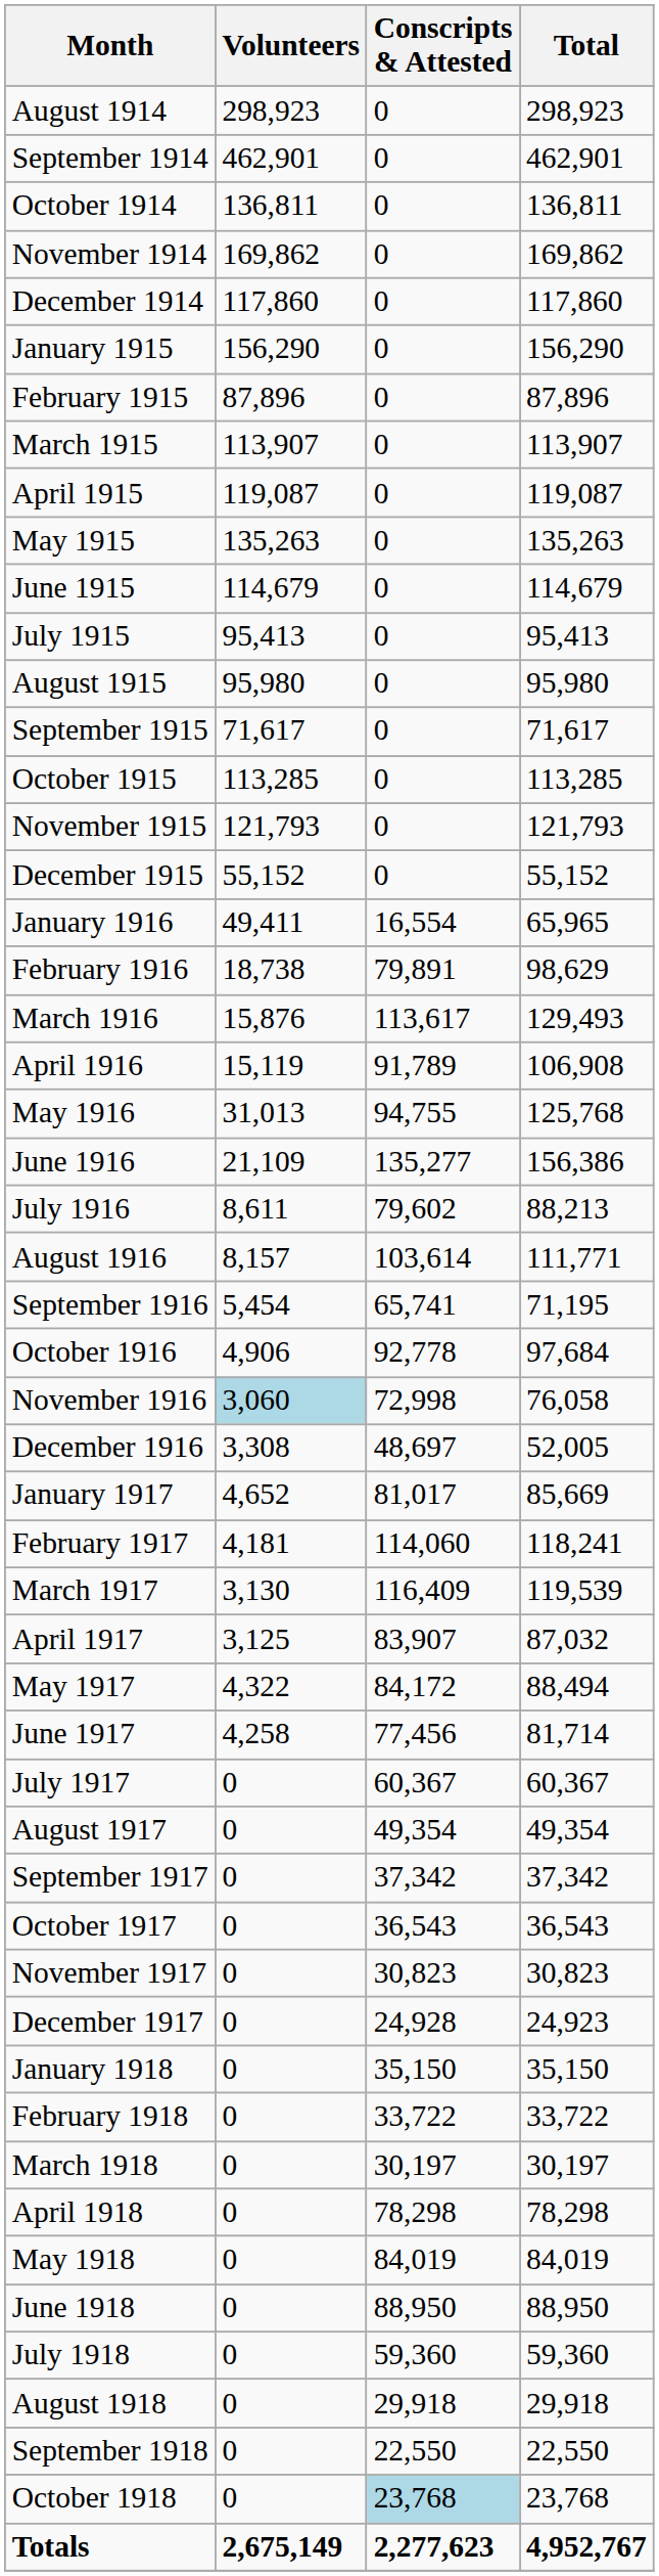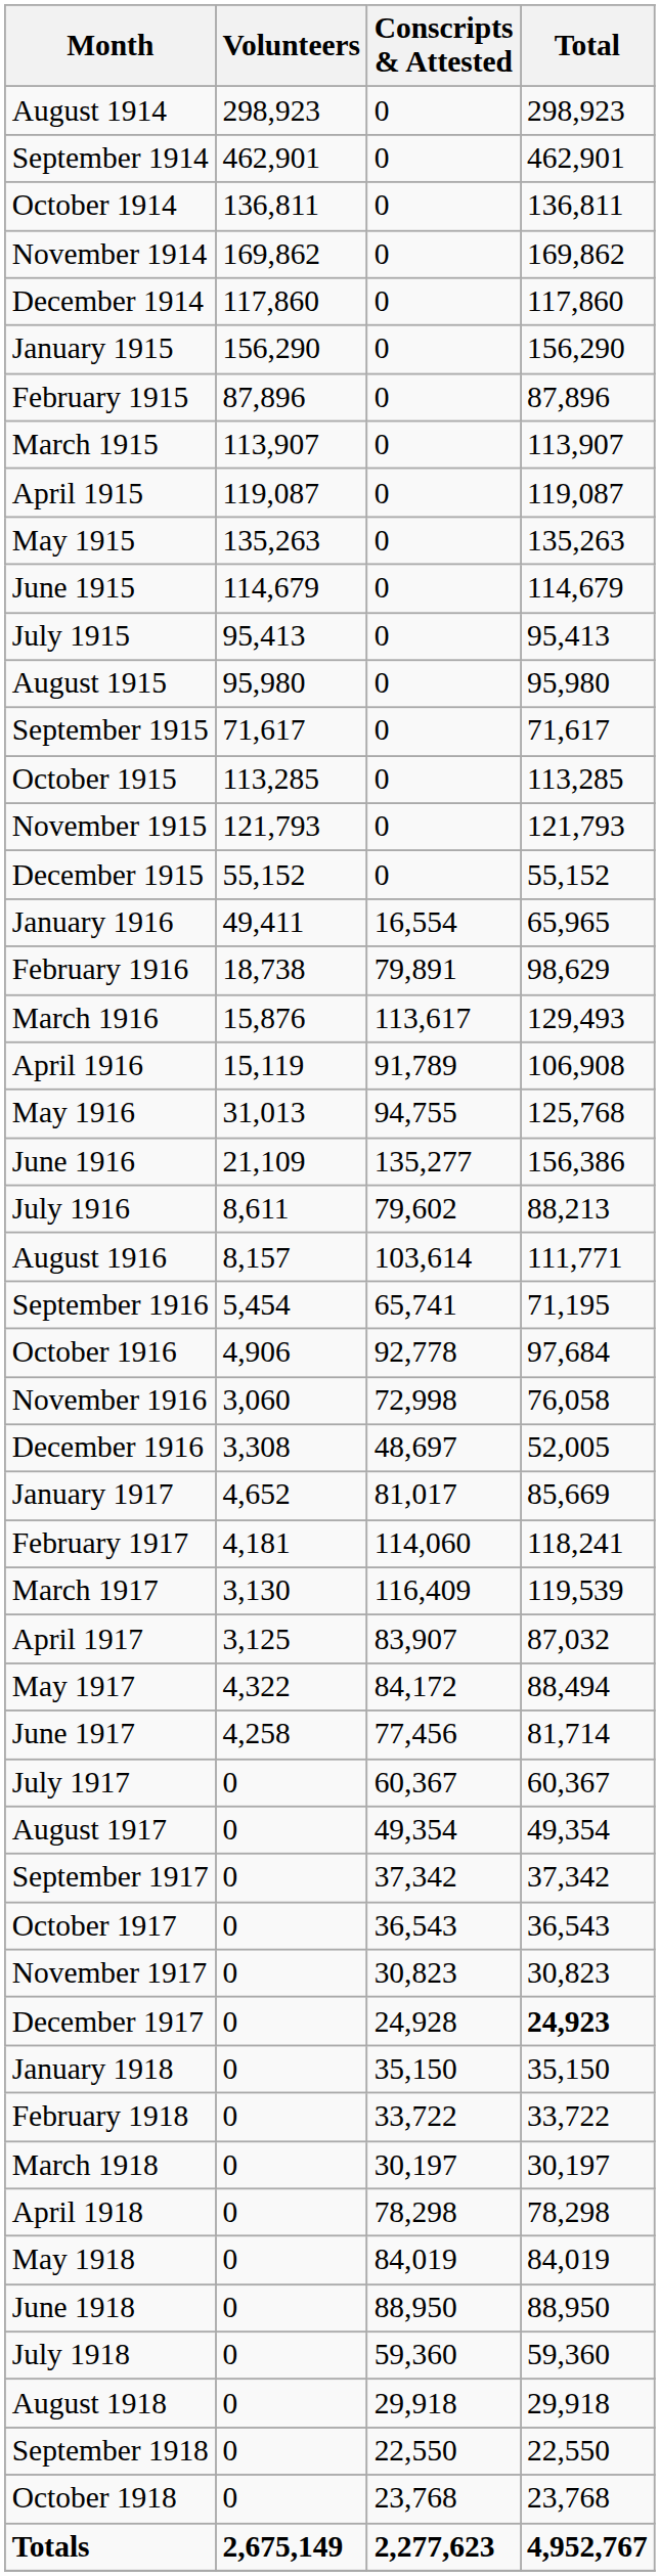 <table class="wikitable">
 <tr>
 <th>Month</th>
 <th>Volunteers</th>
 <th>Conscripts <br>& Attested</th>
 <th>Total</th>
 </tr>
 <tr>
 <td>August 1914</td>
 <td>298,923</td>
 <td>0</td>
 <td>298,923</td>
 </tr>
 <tr>
 <td>September 1914</td>
 <td>462,901</td>
 <td>0</td>
 <td>462,901</td>
 </tr>
 <tr>
 <td>October 1914</td>
 <td>136,811</td>
 <td>0</td>
 <td>136,811</td>
 </tr>
 <tr>
 <td>November 1914</td>
 <td>169,862</td>
 <td>0</td>
 <td>169,862</td>
 </tr>
 <tr>
 <td>December 1914</td>
 <td>117,860</td>
 <td>0</td>
 <td>117,860</td>
 </tr>
 <tr>
 <td>January 1915</td>
 <td>156,290</td>
 <td>0</td>
 <td>156,290</td>
 </tr>
 <tr>
 <td>February 1915</td>
 <td>87,896</td>
 <td>0</td>
 <td>87,896</td>
 </tr>
 <tr>
 <td>March 1915</td>
 <td>113,907</td>
 <td>0</td>
 <td>113,907</td>
 </tr>
 <tr>
 <td>April 1915</td>
 <td>119,087</td>
 <td>0</td>
 <td>119,087</td>
 </tr>
 <tr>
 <td>May 1915</td>
 <td>135,263</td>
 <td>0</td>
 <td>135,263</td>
 </tr>
 <tr>
 <td>June 1915</td>
 <td>114,679</td>
 <td>0</td>
 <td>114,679</td>
 </tr>
 <tr>
 <td>July 1915</td>
 <td>95,413</td>
 <td>0</td>
 <td>95,413</td>
 </tr>
 <tr>
 <td>August 1915</td>
 <td>95,980</td>
 <td>0</td>
 <td>95,980</td>
 </tr>
 <tr>
 <td>September 1915</td>
 <td>71,617</td>
 <td>0</td>
 <td>71,617</td>
 </tr>
 <tr>
 <td>October 1915</td>
 <td>113,285</td>
 <td>0</td>
 <td>113,285</td>
 </tr>
 <tr>
 <td>November 1915</td>
 <td>121,793</td>
 <td>0</td>
 <td>121,793</td>
 </tr>
 <tr>
 <td>December 1915</td>
 <td>55,152</td>
 <td>0</td>
 <td>55,152</td>
 </tr>
 <tr>
 <td>January 1916</td>
 <td>49,411</td>
 <td>16,554</td>
 <td>65,965</td>
 </tr>
 <tr>
 <td>February 1916</td>
 <td>18,738</td>
 <td>79,891</td>
 <td>98,629</td>
 </tr>
 <tr>
 <td>March 1916</td>
 <td>15,876</td>
 <td>113,617</td>
 <td>129,493</td>
 </tr>
 <tr>
 <td>April 1916</td>
 <td>15,119</td>
 <td>91,789</td>
 <td>106,908</td>
 </tr>
 <tr>
 <td>May 1916</td>
 <td>31,013</td>
 <td>94,755</td>
 <td>125,768</td>
 </tr>
 <tr>
 <td>June 1916</td>
 <td>21,109</td>
 <td>135,277</td>
 <td>156,386</td>
 </tr>
 <tr>
 <td>July 1916</td>
 <td>8,611</td>
 <td>79,602</td>
 <td>88,213</td>
 </tr>
 <tr>
 <td>August 1916</td>
 <td>8,157</td>
 <td>103,614</td>
 <td>111,771</td>
 </tr>
 <tr>
 <td>September 1916</td>
 <td>5,454</td>
 <td>65,741</td>
 <td>71,195</td>
 </tr>
 <tr>
 <td>October 1916</td>
 <td>4,906</td>
 <td>92,778</td>
 <td>97,684</td>
 </tr>
 <tr>
 <td>November 1916</td>
-<td style="background: lightblue;">3,060</td>
+<td>3,060</td>
 <td>72,998</td>
 <td>76,058</td>
 </tr>
 <tr>
 <td>December 1916</td>
 <td>3,308</td>
 <td>48,697</td>
 <td>52,005</td>
 </tr>
 <tr>
 <td>January 1917</td>
 <td>4,652</td>
 <td>81,017</td>
 <td>85,669</td>
 </tr>
 <tr>
 <td>February 1917</td>
 <td>4,181</td>
 <td>114,060</td>
 <td>118,241</td>
 </tr>
 <tr>
 <td>March 1917</td>
 <td>3,130</td>
 <td>116,409</td>
 <td>119,539</td>
 </tr>
 <tr>
 <td>April 1917</td>
 <td>3,125</td>
 <td>83,907</td>
 <td>87,032</td>
 </tr>
 <tr>
 <td>May 1917</td>
 <td>4,322</td>
 <td>84,172</td>
 <td>88,494</td>
 </tr>
 <tr>
 <td>June 1917</td>
 <td>4,258</td>
 <td>77,456</td>
 <td>81,714</td>
 </tr>
 <tr>
 <td>July 1917</td>
 <td>0</td>
 <td>60,367</td>
 <td>60,367</td>
 </tr>
 <tr>
 <td>August 1917</td>
 <td>0</td>
 <td>49,354</td>
 <td>49,354</td>
 </tr>
 <tr>
 <td>September 1917</td>
 <td>0</td>
 <td>37,342</td>
 <td>37,342</td>
 </tr>
 <tr>
 <td>October 1917</td>
 <td>0</td>
 <td>36,543</td>
 <td>36,543</td>
 </tr>
 <tr>
 <td>November 1917</td>
 <td>0</td>
 <td>30,823</td>
 <td>30,823</td>
 </tr>
 <tr>
 <td>December 1917</td>
 <td>0</td>
 <td>24,928</td>
-<td>24,923</td>
+<td><strong>24,923</strong></td>
 </tr>
 <tr>
 <td>January 1918</td>
 <td>0</td>
 <td>35,150</td>
 <td>35,150</td>
 </tr>
 <tr>
 <td>February 1918</td>
 <td>0</td>
 <td>33,722</td>
 <td>33,722</td>
 </tr>
 <tr>
 <td>March 1918</td>
 <td>0</td>
 <td>30,197</td>
 <td>30,197</td>
 </tr>
 <tr>
 <td>April 1918</td>
 <td>0</td>
 <td>78,298</td>
 <td>78,298</td>
 </tr>
 <tr>
 <td>May 1918</td>
 <td>0</td>
 <td>84,019</td>
 <td>84,019</td>
 </tr>
 <tr>
 <td>June 1918</td>
 <td>0</td>
 <td>88,950</td>
 <td>88,950</td>
 </tr>
 <tr>
 <td>July 1918</td>
 <td>0</td>
 <td>59,360</td>
 <td>59,360</td>
 </tr>
 <tr>
 <td>August 1918</td>
 <td>0</td>
 <td>29,918</td>
 <td>29,918</td>
 </tr>
 <tr>
 <td>September 1918</td>
 <td>0</td>
 <td>22,550</td>
 <td>22,550</td>
 </tr>
 <tr>
 <td>October 1918</td>
 <td>0</td>
-<td style="background: lightblue;">23,768</td>
+<td>23,768</td>
 <td>23,768</td>
 </tr>
 <tr>
 <td><strong>Totals</strong></td>
 <td><strong>2,675,149</strong></td>
 <td><strong>2,277,623</strong></td>
 <td><strong>4,952,767</strong></td>
 </tr>
 <tr>
 </tr>
 </table>
